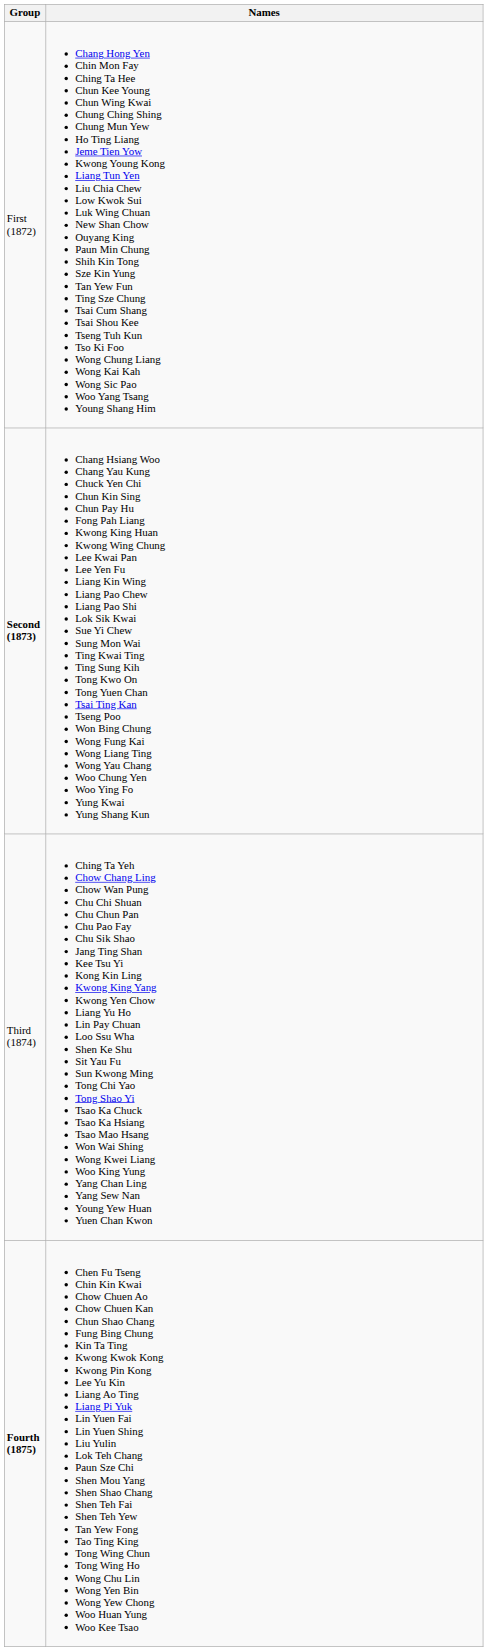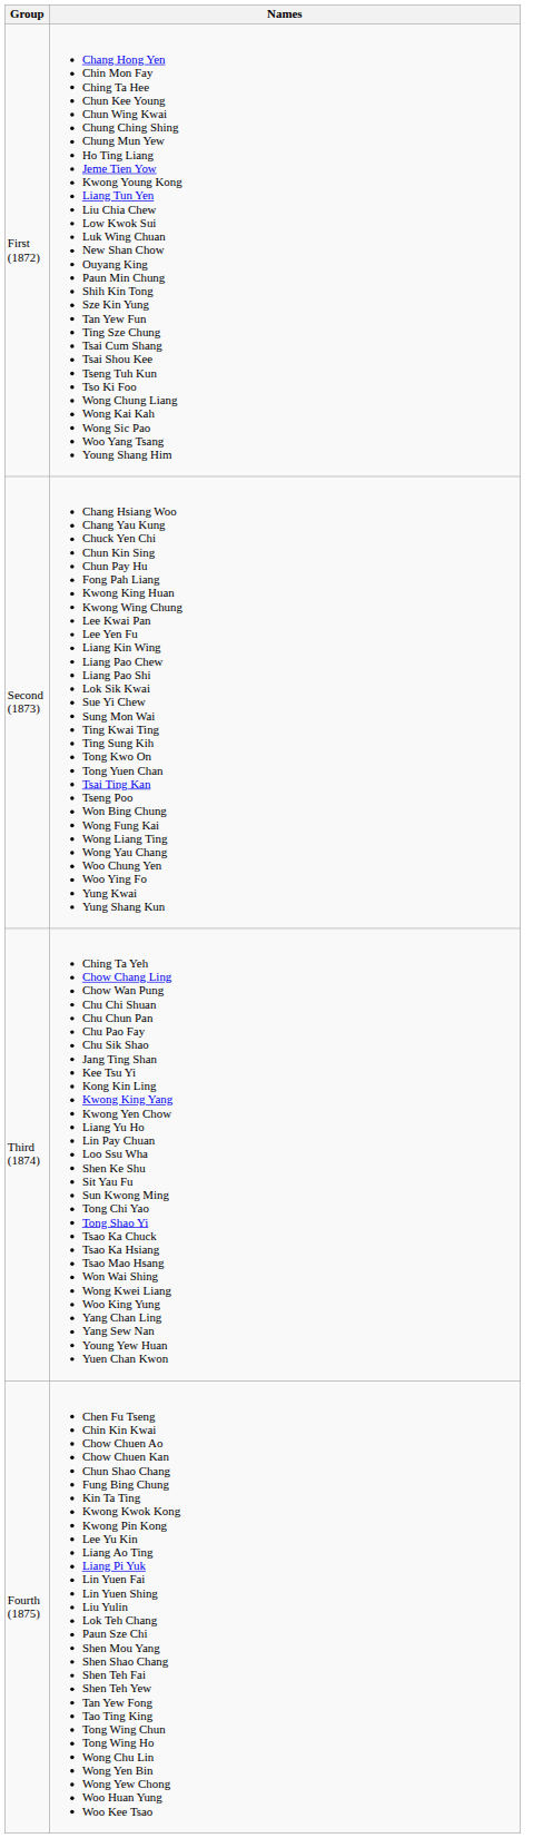 <table class="wikitable" style="text-align: left;">
 <tr>
 <th width=8%>Group</th>
 <th width=85%>Names</th>
 </tr>
 <tr>
 <td>First<br>(1872)</td>
 <td><br><ul><li><a href='#'>Chang Hong Yen</a> </li><li>Chin Mon Fay </li><li>Ching Ta Hee </li><li>Chun Kee Young </li><li>Chun Wing Kwai </li><li>Chung Ching Shing </li><li>Chung Mun Yew </li><li>Ho Ting Liang </li><li><a href='#'>Jeme Tien Yow</a> </li><li>Kwong Young Kong </li><li><a href='#'>Liang Tun Yen</a> </li><li>Liu Chia Chew </li><li>Low Kwok Sui </li><li>Luk Wing Chuan </li><li>New Shan Chow </li><li>Ouyang King </li><li>Paun Min Chung </li><li>Shih Kin Tong </li><li>Sze Kin Yung </li><li>Tan Yew Fun </li><li>Ting Sze Chung </li><li>Tsai Cum Shang </li><li>Tsai Shou Kee </li><li>Tseng Tuh Kun </li><li>Tso Ki Foo </li><li>Wong Chung Liang </li><li>Wong Kai Kah </li><li>Wong Sic Pao </li><li>Woo Yang Tsang </li><li>Young Shang Him </li></ul></td>
 </tr>
 <tr>
-<td><strong>Second<br>(1873)</strong></td>
+<td>Second<br>(1873)</td>
 <td><br><ul><li>Chang Hsiang Woo </li><li>Chang Yau Kung </li><li>Chuck Yen Chi </li><li>Chun Kin Sing </li><li>Chun Pay Hu </li><li>Fong Pah Liang </li><li>Kwong King Huan </li><li>Kwong Wing Chung </li><li>Lee Kwai Pan </li><li>Lee Yen Fu </li><li>Liang Kin Wing </li><li>Liang Pao Chew </li><li>Liang Pao Shi </li><li>Lok Sik Kwai </li><li>Sue Yi Chew </li><li>Sung Mon Wai </li><li>Ting Kwai Ting </li><li>Ting Sung Kih </li><li>Tong Kwo On </li><li>Tong Yuen Chan </li><li><a href='#'>Tsai Ting Kan</a> </li><li>Tseng Poo </li><li>Won Bing Chung </li><li>Wong Fung Kai </li><li>Wong Liang Ting </li><li>Wong Yau Chang </li><li>Woo Chung Yen </li><li>Woo Ying Fo </li><li>Yung Kwai </li><li>Yung Shang Kun </li></ul></td>
 </tr>
 <tr>
 <td>Third<br>(1874)</td>
 <td><br><ul><li>Ching Ta Yeh </li><li><a href='#'>Chow Chang Ling</a> </li><li>Chow Wan Pung </li><li>Chu Chi Shuan </li><li>Chu Chun Pan </li><li>Chu Pao Fay </li><li>Chu Sik Shao </li><li>Jang Ting Shan </li><li>Kee Tsu Yi </li><li>Kong Kin Ling </li><li><a href='#'>Kwong King Yang</a> </li><li>Kwong Yen Chow </li><li>Liang Yu Ho </li><li>Lin Pay Chuan </li><li>Loo Ssu Wha </li><li>Shen Ke Shu </li><li>Sit Yau Fu </li><li>Sun Kwong Ming </li><li>Tong Chi Yao </li><li><a href='#'>Tong Shao Yi</a> </li><li>Tsao Ka Chuck </li><li>Tsao Ka Hsiang </li><li>Tsao Mao Hsang </li><li>Won Wai Shing </li><li>Wong Kwei Liang </li><li>Woo King Yung </li><li>Yang Chan Ling </li><li>Yang Sew Nan </li><li>Young Yew Huan </li><li>Yuen Chan Kwon </li></ul></td>
 </tr>
 <tr>
-<td><strong>Fourth<br>(1875)</strong></td>
+<td>Fourth<br>(1875)</td>
 <td><br><ul><li>Chen Fu Tseng </li><li>Chin Kin Kwai </li><li>Chow Chuen Ao </li><li>Chow Chuen Kan </li><li>Chun Shao Chang </li><li>Fung Bing Chung </li><li>Kin Ta Ting </li><li>Kwong Kwok Kong </li><li>Kwong Pin Kong </li><li>Lee Yu Kin </li><li>Liang Ao Ting </li><li><a href='#'>Liang Pi Yuk</a> </li><li>Lin Yuen Fai </li><li>Lin Yuen Shing </li><li>Liu Yulin </li><li>Lok Teh Chang</li><li>Paun Sze Chi </li><li>Shen Mou Yang </li><li>Shen Shao Chang </li><li>Shen Teh Fai </li><li>Shen Teh Yew </li><li>Tan Yew Fong </li><li>Tao Ting King </li><li>Tong Wing Chun </li><li>Tong Wing Ho </li><li>Wong Chu Lin </li><li>Wong Yen Bin </li><li>Wong Yew Chong </li><li>Woo Huan Yung </li><li>Woo Kee Tsao </li></ul></td>
 </tr>
 </table>
